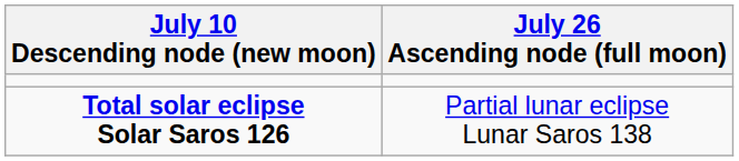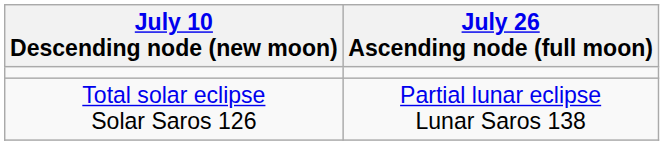 <table class="wikitable">
 <tr>
 <th><a href='#'>July 10</a><br>Descending node (new moon)<br></th>
 <th><a href='#'>July 26</a><br>Ascending node (full moon)<br></th>
 </tr>
 <tr>
 <td></td>
 <td></td>
 </tr>
 <tr align=center>
-<td><strong><a href='#'>Total solar eclipse</a><br>Solar Saros 126</strong></td>
+<td><a href='#'>Total solar eclipse</a><br>Solar Saros 126</td>
 <td><a href='#'>Partial lunar eclipse</a><br>Lunar Saros 138</td>
 </tr>
 </table>
